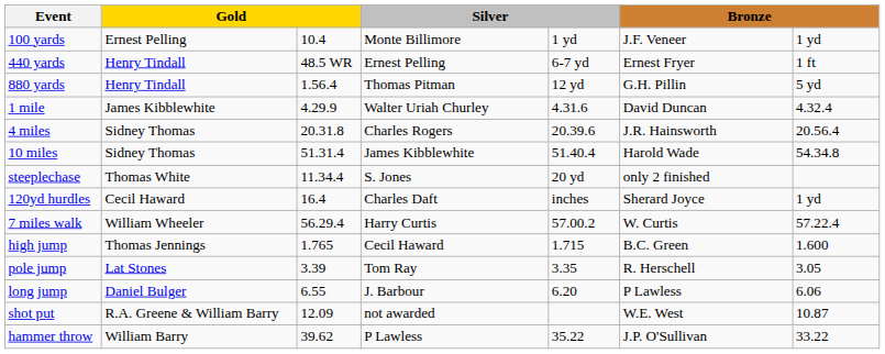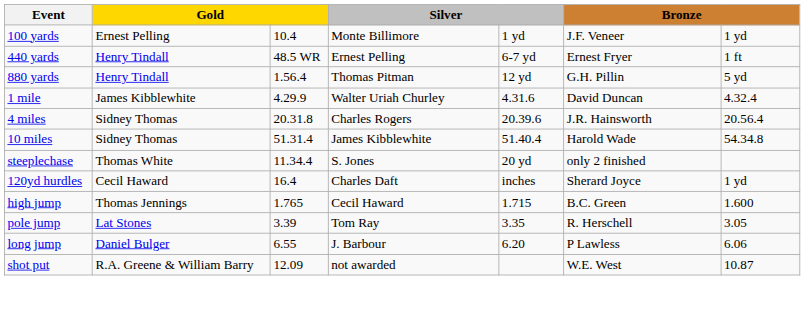 <table class="wikitable" style="text-align:left">
 <tr>
 <th width=100>Event</th>
 <th colspan="2" width="280" style="background:gold;">Gold</th>
 <th colspan="2" width="280" style="background:silver;">Silver</th>
 <th colspan="2" width="280" style="background:#CD7F32;">Bronze</th>
 </tr>
 <tr>
 <td><a href='#'>100 yards</a></td>
 <td>Ernest Pelling</td>
 <td>10.4</td>
 <td>Monte Billimore</td>
 <td>1 yd</td>
 <td>J.F. Veneer</td>
 <td>1 yd</td>
 </tr>
 <tr>
 <td><a href='#'>440 yards</a></td>
 <td><a href='#'>Henry Tindall</a></td>
 <td>48.5 WR</td>
 <td>Ernest Pelling</td>
 <td>6-7 yd</td>
 <td>Ernest Fryer</td>
 <td>1 ft</td>
 </tr>
 <tr>
 <td><a href='#'>880 yards</a></td>
 <td><a href='#'>Henry Tindall</a></td>
 <td>1.56.4</td>
 <td>Thomas Pitman</td>
 <td>12 yd</td>
 <td>G.H. Pillin</td>
 <td>5 yd</td>
 </tr>
 <tr>
 <td><a href='#'>1 mile</a></td>
 <td>James Kibblewhite</td>
 <td>4.29.9</td>
 <td>Walter Uriah Churley</td>
 <td>4.31.6</td>
 <td> David Duncan</td>
 <td>4.32.4</td>
 </tr>
 <tr>
 <td><a href='#'>4 miles</a></td>
 <td>Sidney Thomas</td>
 <td>20.31.8</td>
 <td>Charles Rogers</td>
 <td>20.39.6</td>
 <td>J.R. Hainsworth</td>
 <td>20.56.4</td>
 </tr>
 <tr>
 <td><a href='#'>10 miles</a></td>
 <td>Sidney Thomas</td>
 <td>51.31.4</td>
 <td>James Kibblewhite</td>
 <td>51.40.4</td>
 <td>Harold Wade</td>
 <td>54.34.8</td>
 </tr>
 <tr>
 <td><a href='#'>steeplechase</a></td>
 <td>Thomas White</td>
 <td>11.34.4</td>
 <td>S. Jones</td>
 <td>20 yd</td>
 <td>only 2 finished</td>
 <td></td>
 </tr>
 <tr>
 <td><a href='#'>120yd hurdles</a></td>
 <td>Cecil Haward</td>
 <td>16.4</td>
 <td>Charles Daft</td>
 <td>inches</td>
 <td>Sherard Joyce</td>
 <td>1 yd</td>
 </tr>
 <tr>
-<td><a href='#'>7 miles walk</a></td>
-<td>William Wheeler</td>
-<td>56.29.4</td>
-<td>Harry Curtis</td>
-<td>57.00.2</td>
-<td>W. Curtis</td>
-<td>57.22.4</td>
-</tr>
-<tr>
 <td><a href='#'>high jump</a></td>
 <td>Thomas Jennings</td>
 <td>1.765</td>
 <td>Cecil Haward</td>
 <td>1.715</td>
 <td>B.C. Green</td>
 <td>1.600</td>
 </tr>
 <tr>
 <td><a href='#'>pole jump</a></td>
 <td><a href='#'>Lat Stones</a></td>
 <td>3.39</td>
 <td>Tom Ray</td>
 <td>3.35</td>
 <td>R. Herschell</td>
 <td>3.05</td>
 </tr>
 <tr>
 <td><a href='#'>long jump</a></td>
 <td>	<a href='#'>Daniel Bulger</a></td>
 <td>6.55</td>
 <td> J. Barbour</td>
 <td>6.20</td>
 <td> P Lawless</td>
 <td>6.06</td>
 </tr>
 <tr>
 <td><a href='#'>shot put</a></td>
 <td>R.A. Greene &  William Barry</td>
 <td>12.09</td>
 <td>not awarded</td>
 <td></td>
 <td>W.E. West</td>
 <td>10.87</td>
 </tr>
-<tr>
-<td><a href='#'>hammer throw</a></td>
-<td> William Barry</td>
-<td>39.62</td>
-<td> P Lawless</td>
-<td>35.22</td>
-<td> J.P. O'Sullivan</td>
-<td>33.22</td>
-</tr>
 </table>
